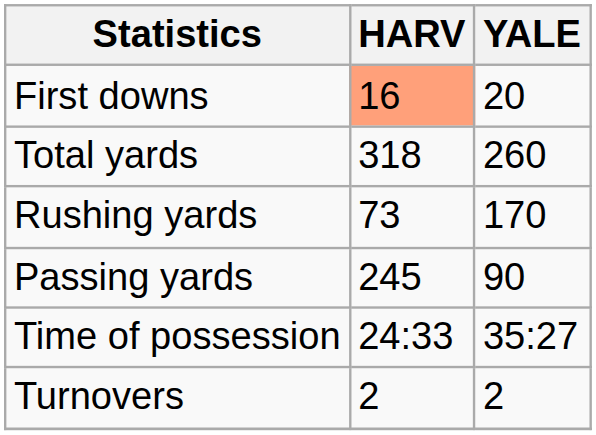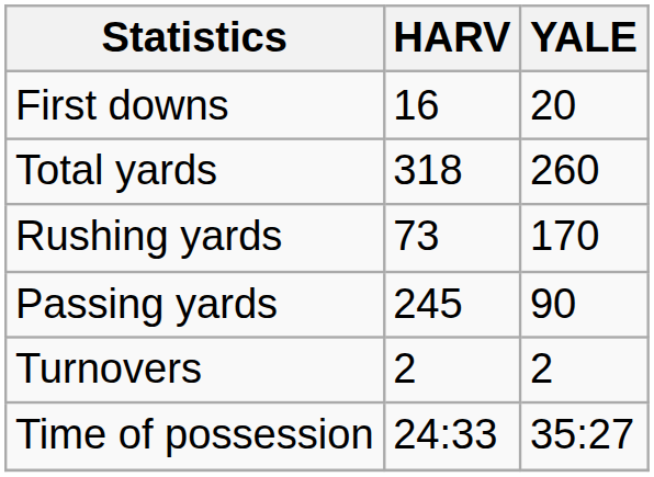 <table class="wikitable" style="float: left;">
 <tr>
 <th>Statistics</th>
 <th>HARV</th>
 <th>YALE</th>
 </tr>
 <tr>
 <td>First downs</td>
-<td style="background: lightsalmon;">16</td>
+<td>16</td>
 <td>20</td>
 </tr>
 <tr>
 <td>Total yards</td>
 <td>318</td>
 <td>260</td>
 </tr>
 <tr>
 <td>Rushing yards</td>
 <td>73</td>
 <td>170</td>
 </tr>
 <tr>
 <td>Passing yards</td>
 <td>245</td>
 <td>90</td>
 </tr>
 <tr>
+<td>Turnovers</td>
+<td>2</td>
+<td>2</td>
+</tr>
+<tr>
 <td>Time of possession</td>
 <td>24:33</td>
 <td>35:27</td>
 </tr>
 <tr>
-<td>Turnovers</td>
-<td>2</td>
-<td>2</td>
-</tr>
-<tr>
 </tr>
 </table>
